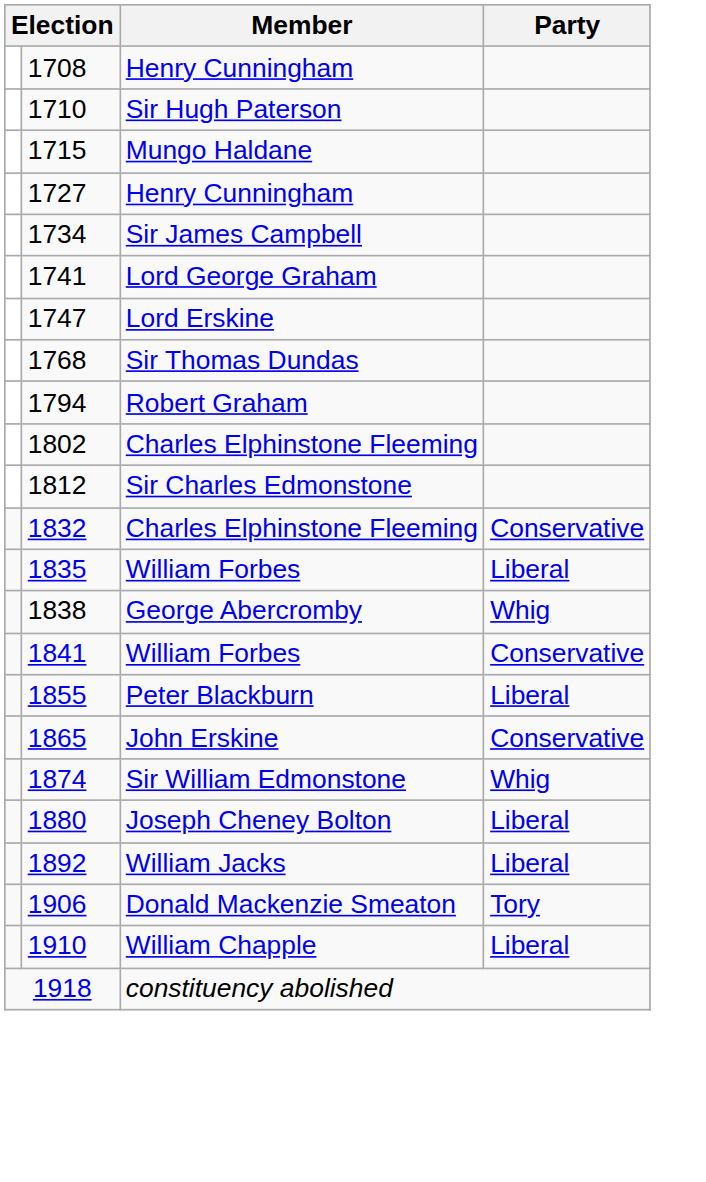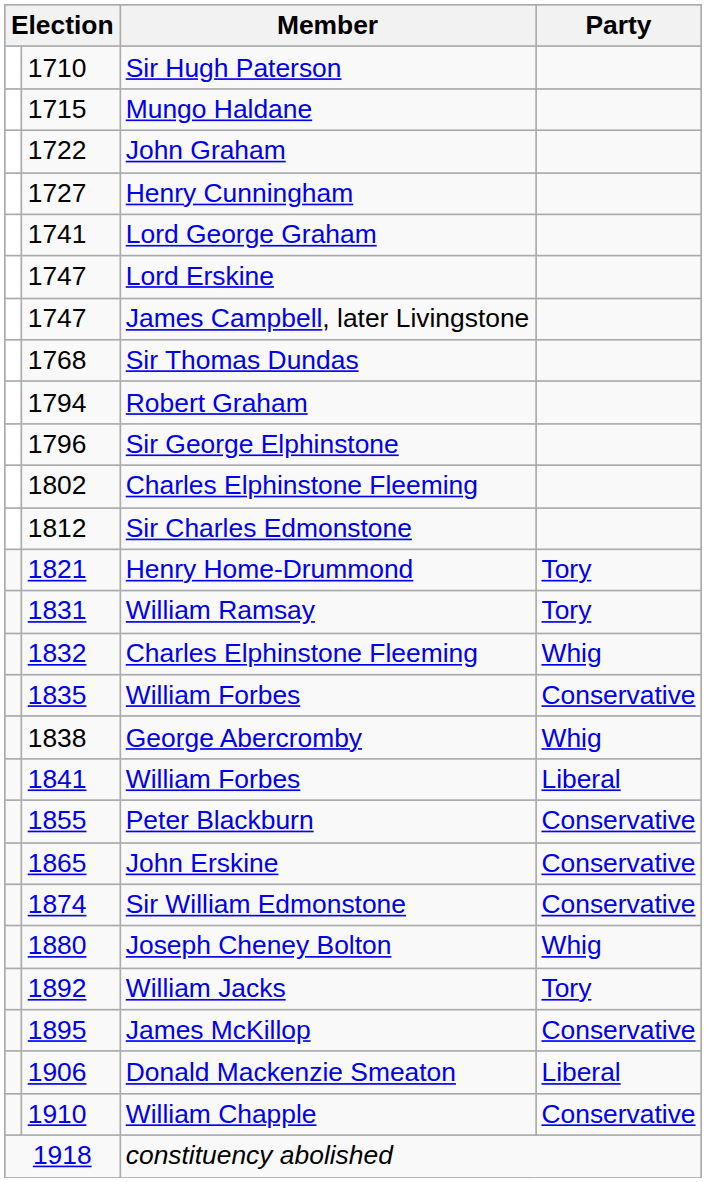 <table class="wikitable">
 <tr>
 <th colspan="2">Election</th>
 <th>Member</th>
 <th>Party</th>
-</tr>
-<tr>
-<td style="color:inherit;background-color: white"></td>
-<td>1708</td>
-<td><a href='#'>Henry Cunningham</a></td>
-<td></td>
 </tr>
 <tr>
 <td style="color:inherit;background-color: white"></td>
 <td>1710</td>
 <td><a href='#'>Sir Hugh Paterson</a></td>
 <td></td>
 </tr>
 <tr>
 <td style="color:inherit;background-color: white"></td>
 <td>1715</td>
 <td><a href='#'>Mungo Haldane</a></td>
 <td></td>
 </tr>
 <tr>
 <td style="color:inherit;background-color: white"></td>
-<td>1727</td>
-<td><a href='#'>Henry Cunningham</a></td>
+<td>1722</td>
+<td><a href='#'>John Graham</a> </td>
 <td></td>
 </tr>
 <tr>
 <td style="color:inherit;background-color: white"></td>
-<td>1734</td>
-<td><a href='#'>Sir James Campbell</a></td>
+<td>1727</td>
+<td><a href='#'>Henry Cunningham</a></td>
 <td></td>
 </tr>
 <tr>
 <td style="color:inherit;background-color: white"></td>
 <td>1741</td>
 <td><a href='#'>Lord George Graham</a></td>
 <td></td>
 </tr>
 <tr>
 <td style="color:inherit;background-color: white"></td>
 <td>1747</td>
 <td><a href='#'>Lord Erskine</a></td>
 <td></td>
 </tr>
 <tr>
 <td style="color:inherit;background-color: white"></td>
+<td>1747</td>
+<td><a href='#'>James Campbell</a>, later Livingstone</td>
+<td></td>
+</tr>
+<tr>
+<td style="color:inherit;background-color: white"></td>
 <td>1768</td>
 <td><a href='#'>Sir Thomas Dundas</a></td>
 <td></td>
 </tr>
 <tr>
 <td style="color:inherit;background-color: white"></td>
 <td>1794</td>
 <td><a href='#'>Robert Graham</a></td>
+<td></td>
+</tr>
+<tr>
+<td style="color:inherit;background-color: white"></td>
+<td>1796</td>
+<td><a href='#'>Sir George Elphinstone</a></td>
 <td></td>
 </tr>
 <tr>
 <td style="color:inherit;background-color: white"></td>
 <td>1802</td>
 <td><a href='#'>Charles Elphinstone Fleeming</a></td>
 <td></td>
 </tr>
 <tr>
 <td style="color:inherit;background-color: white"></td>
 <td>1812</td>
 <td><a href='#'>Sir Charles Edmonstone</a></td>
 <td></td>
 </tr>
 <tr>
 <td style="color:inherit;background-color: "></td>
+<td><a href='#'>1821</a></td>
+<td><a href='#'>Henry Home-Drummond</a></td>
+<td><a href='#'>Tory</a></td>
+</tr>
+<tr>
+<td style="color:inherit;background-color: "></td>
+<td><a href='#'>1831</a></td>
+<td><a href='#'>William Ramsay</a></td>
+<td><a href='#'>Tory</a></td>
+</tr>
+<tr>
+<td style="color:inherit;background-color: "></td>
 <td><a href='#'>1832</a></td>
 <td><a href='#'>Charles Elphinstone Fleeming</a></td>
-<td><a href='#'>Conservative</a></td>
+<td><a href='#'>Whig</a></td>
 </tr>
 <tr>
 <td style="color:inherit;background-color: "></td>
 <td><a href='#'>1835</a></td>
 <td><a href='#'>William Forbes</a></td>
-<td><a href='#'>Liberal</a></td>
+<td><a href='#'>Conservative</a></td>
 </tr>
 <tr>
 <td style="color:inherit;background-color: "></td>
 <td>1838</td>
 <td><a href='#'>George Abercromby</a></td>
 <td><a href='#'>Whig</a></td>
 </tr>
 <tr>
 <td style="color:inherit;background-color: "></td>
 <td><a href='#'>1841</a></td>
 <td><a href='#'>William Forbes</a></td>
-<td><a href='#'>Conservative</a></td>
+<td><a href='#'>Liberal</a></td>
 </tr>
 <tr>
 <td style="color:inherit;background-color: "></td>
 <td><a href='#'>1855</a></td>
 <td><a href='#'>Peter Blackburn</a></td>
-<td><a href='#'>Liberal</a></td>
+<td><a href='#'>Conservative</a></td>
 </tr>
 <tr>
 <td style="color:inherit;background-color: "></td>
 <td><a href='#'>1865</a></td>
 <td><a href='#'>John Erskine</a></td>
 <td><a href='#'>Conservative</a></td>
 </tr>
 <tr>
 <td style="color:inherit;background-color: "></td>
 <td><a href='#'>1874</a></td>
 <td><a href='#'>Sir William Edmonstone</a></td>
-<td><a href='#'>Whig</a></td>
+<td><a href='#'>Conservative</a></td>
 </tr>
 <tr>
 <td style="color:inherit;background-color: "></td>
 <td><a href='#'>1880</a></td>
 <td><a href='#'>Joseph Cheney Bolton</a></td>
-<td><a href='#'>Liberal</a></td>
+<td><a href='#'>Whig</a></td>
 </tr>
 <tr>
 <td style="color:inherit;background-color: "></td>
 <td><a href='#'>1892</a></td>
 <td><a href='#'>William Jacks</a></td>
-<td><a href='#'>Liberal</a></td>
+<td><a href='#'>Tory</a></td>
+</tr>
+<tr>
+<td style="color:inherit;background-color: "></td>
+<td><a href='#'>1895</a></td>
+<td><a href='#'>James McKillop</a></td>
+<td><a href='#'>Conservative</a></td>
 </tr>
 <tr>
 <td style="color:inherit;background-color: "></td>
 <td><a href='#'>1906</a></td>
 <td><a href='#'>Donald Mackenzie Smeaton</a></td>
-<td><a href='#'>Tory</a></td>
+<td><a href='#'>Liberal</a></td>
 </tr>
 <tr>
 <td style="color:inherit;background-color: "></td>
 <td><a href='#'>1910</a></td>
 <td><a href='#'>William Chapple</a></td>
-<td><a href='#'>Liberal</a></td>
+<td><a href='#'>Conservative</a></td>
 </tr>
 <tr>
 <td colspan="2" align="center"><a href='#'>1918</a></td>
 <td colspan="2"><em>constituency abolished</em></td>
 </tr>
 </table>
